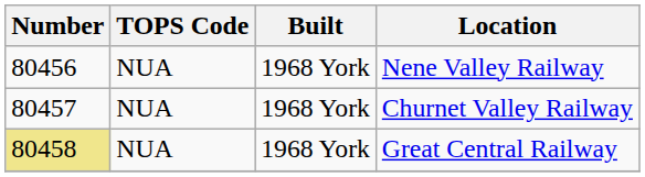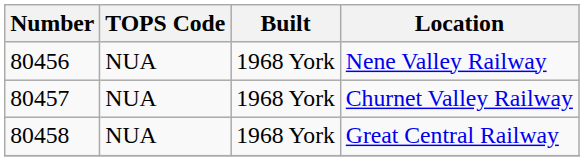 <table class="wikitable">
 <tr>
 <th>Number</th>
 <th>TOPS Code</th>
 <th>Built</th>
 <th>Location</th>
 </tr>
 <tr>
 <td>80456</td>
 <td>NUA</td>
 <td>1968 York</td>
 <td><a href='#'>Nene Valley Railway</a></td>
 </tr>
 <tr>
 <td>80457</td>
 <td>NUA</td>
 <td>1968 York</td>
 <td><a href='#'>Churnet Valley Railway</a></td>
 </tr>
 <tr>
-<td style="background: khaki;">80458</td>
+<td>80458</td>
 <td>NUA</td>
 <td>1968 York</td>
 <td><a href='#'>Great Central Railway</a></td>
 </tr>
 <tr>
 </tr>
 </table>
